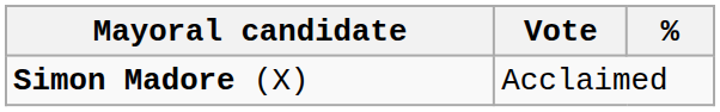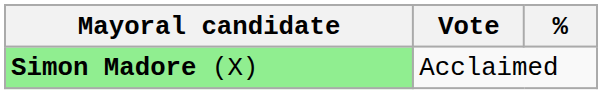 <table class="wikitable">
 <tr>
 <th bgcolor="#DDDDFF" width="200px">Mayoral candidate</th>
 <th bgcolor="#DDDDFF" width="50px">Vote</th>
 <th bgcolor="#DDDDFF" width="30px">%</th>
 </tr>
 <tr>
-<td><strong>Simon Madore</strong> (X)</td>
+<td style="background: lightgreen;"><strong>Simon Madore</strong> (X)</td>
 <td colspan="2">Acclaimed</td>
 </tr>
 </table>
